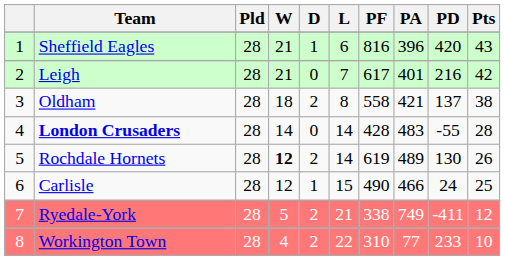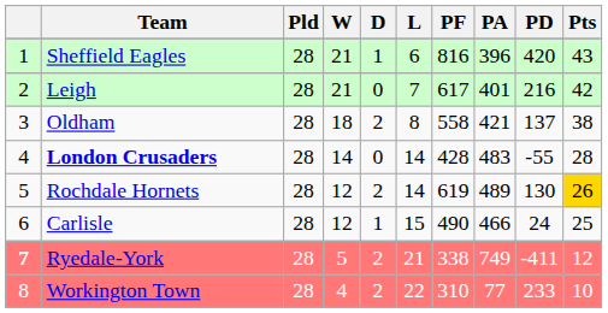 <table class="wikitable" style="text-align:center;">
 <tr>
 <th width=20 abbr="Position"></th>
 <th width=175>Team</th>
 <th width=20 abbr="Played">Pld</th>
 <th width=20 abbr="Won">W</th>
 <th width=20 abbr="Drawn">D</th>
 <th width=20 abbr="Lost">L</th>
 <th width=20 abbr="Points for">PF</th>
 <th width=20 abbr="Points against">PA</th>
 <th width=25 abbr="Points difference">PD</th>
 <th width=20 abbr="Points">Pts</th>
 </tr>
 <tr>
 </tr>
 <tr |- align=center style="background:#cfc;">
 <td>1</td>
 <td align=left style="background#cfc:"><a href='#'>Sheffield Eagles</a></td>
 <td>28</td>
 <td>21</td>
 <td>1</td>
 <td>6</td>
 <td>816</td>
 <td>396</td>
 <td>420</td>
 <td>43</td>
 </tr>
 <tr --->
 </tr>
 <tr align=center style="background:#cfc;">
 <td>2</td>
 <td align=left style="background#cfc:"><a href='#'>Leigh</a></td>
 <td>28</td>
 <td>21</td>
 <td>0</td>
 <td>7</td>
 <td>617</td>
 <td>401</td>
 <td>216</td>
 <td>42</td>
 </tr>
 <tr --->
 <td>3</td>
 <td style="text-align:left;"><a href='#'>Oldham</a></td>
 <td>28</td>
 <td>18</td>
 <td>2</td>
 <td>8</td>
 <td>558</td>
 <td>421</td>
 <td>137</td>
 <td>38</td>
 </tr>
 <tr --->
 <td>4</td>
 <td style="text-align:left;"><strong><a href='#'>London Crusaders</a></strong></td>
 <td>28</td>
 <td>14</td>
 <td>0</td>
 <td>14</td>
 <td>428</td>
 <td>483</td>
 <td>-55</td>
 <td>28</td>
 </tr>
 <tr --->
 <td>5</td>
 <td style="text-align:left;"><a href='#'>Rochdale Hornets</a></td>
 <td>28</td>
-<td><strong>12</strong></td>
+<td>12</td>
 <td>2</td>
 <td>14</td>
 <td>619</td>
 <td>489</td>
 <td>130</td>
-<td>26</td>
+<td style="background: gold;">26</td>
 </tr>
 <tr --->
 <td>6</td>
 <td style="text-align:left;"><a href='#'>Carlisle</a></td>
 <td>28</td>
 <td>12</td>
 <td>1</td>
 <td>15</td>
 <td>490</td>
 <td>466</td>
 <td>24</td>
 <td>25</td>
 </tr>
 <tr --->
 </tr>
 <tr style="background:#ff7777;color:white">
-<td>7</td>
+<td><strong>7</strong></td>
 <td style="text-align:left;"><a href='#'>Ryedale-York</a></td>
 <td>28</td>
 <td>5</td>
 <td>2</td>
 <td>21</td>
 <td>338</td>
 <td>749</td>
 <td>-411</td>
 <td>12</td>
 </tr>
 <tr --->
 </tr>
 <tr style="background:#ff7777;color:white">
 <td>8</td>
 <td style="text-align:left;"><a href='#'>Workington Town</a></td>
 <td>28</td>
 <td>4</td>
 <td>2</td>
 <td>22</td>
 <td>310</td>
 <td>77</td>
 <td>233</td>
 <td>10</td>
 </tr>
 </table>
